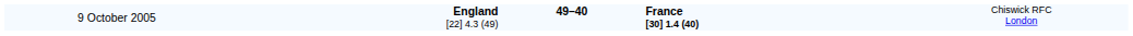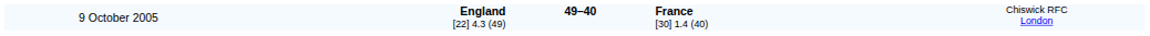 <table style="width: 100%; background:#F5FAFF;" cellspacing="0">
 <tr>
 <td align=center rowspan=3 width=20%>9 October 2005</td>
 </tr>
 <tr>
 <td width=24% align=right><strong>England</strong></td>
 <td align=center width=13%><strong>49–40</strong></td>
 <td width=24%><strong>France</strong></td>
 <td style=font-size:85% rowspan=3 valign=top align=center>Chiswick RFC<br><a href='#'>London</a></td>
 </tr>
 <tr style=font-size:85%>
 <td align=right>[22] 4.3 (49)</td>
 <td></td>
-<td><strong>[30] 1.4 (40)</strong></td>
+<td>[30] 1.4 (40)</td>
 </tr>
 </table>
